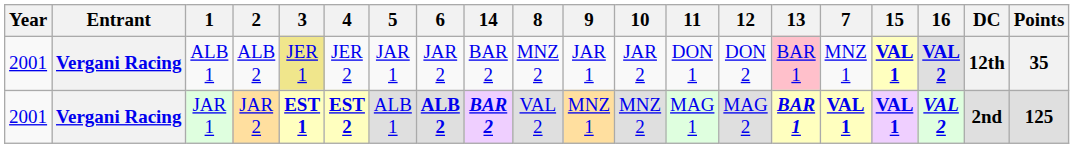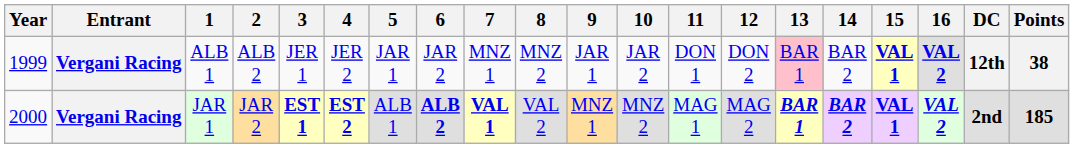 <table class="wikitable" style="text-align:center; font-size:90%">
 <tr>
 <th>Year</th>
 <th>Entrant</th>
 <th>1</th>
 <th>2</th>
 <th>3</th>
 <th>4</th>
 <th>5</th>
 <th>6</th>
-<th>14</th>
+<th>7</th>
 <th>8</th>
 <th>9</th>
 <th>10</th>
 <th>11</th>
 <th>12</th>
 <th>13</th>
-<th>7</th>
+<th>14</th>
 <th>15</th>
 <th>16</th>
 <th>DC</th>
 <th>Points</th>
 </tr>
 <tr>
-<td><a href='#'>2001</a></td>
+<td><a href='#'>1999</a></td>
 <th><a href='#'>Vergani Racing</a></th>
 <td><a href='#'>ALB<br>1</a></td>
 <td><a href='#'>ALB<br>2</a></td>
-<td style="background: khaki;"><a href='#'>JER<br>1</a></td>
+<td><a href='#'>JER<br>1</a></td>
 <td><a href='#'>JER<br>2</a></td>
 <td><a href='#'>JAR<br>1</a></td>
 <td><a href='#'>JAR<br>2</a></td>
-<td><a href='#'>BAR<br>2</a></td>
+<td><a href='#'>MNZ<br>1</a></td>
 <td><a href='#'>MNZ<br>2</a></td>
 <td><a href='#'>JAR<br>1</a></td>
 <td><a href='#'>JAR<br>2</a></td>
 <td><a href='#'>DON<br>1</a></td>
 <td><a href='#'>DON<br>2</a></td>
 <td style="background: pink;"><a href='#'>BAR<br>1</a></td>
-<td><a href='#'>MNZ<br>1</a></td>
+<td><a href='#'>BAR<br>2</a></td>
 <td style="background:#FFFFBF;"><strong><a href='#'>VAL<br>1</a></strong><br></td>
 <td style="background:#DFDFDF;"><strong><a href='#'>VAL<br>2</a></strong><br></td>
 <th>12th</th>
-<th>35</th>
+<th>38</th>
 </tr>
 <tr>
-<td><a href='#'>2001</a></td>
+<td><a href='#'>2000</a></td>
 <th><a href='#'>Vergani Racing</a></th>
 <td style="background:#DFFFDF;"><a href='#'>JAR<br>1</a><br></td>
 <td style="background:#FFDF9F;"><a href='#'>JAR<br>2</a><br></td>
 <td style="background:#FFFFBF;"><strong><a href='#'>EST<br>1</a></strong><br></td>
 <td style="background:#FFFFBF;"><strong><a href='#'>EST<br>2</a></strong><br></td>
 <td style="background:#DFDFDF;"><a href='#'>ALB<br>1</a><br></td>
 <td style="background:#DFDFDF;"><strong><a href='#'>ALB<br>2</a></strong><br></td>
-<td style="background:#EFCFFF;"><strong><em><a href='#'>BAR<br>2</a></em></strong><br></td>
+<td style="background:#FFFFBF;"><strong><a href='#'>VAL<br>1</a></strong><br></td>
 <td style="background:#DFDFDF;"><a href='#'>VAL<br>2</a><br></td>
 <td style="background:#FFDF9F;"><a href='#'>MNZ<br>1</a><br></td>
 <td style="background:#DFDFDF;"><a href='#'>MNZ<br>2</a><br></td>
 <td style="background:#DFFFDF;"><a href='#'>MAG<br>1</a><br></td>
 <td style="background:#DFDFDF;"><a href='#'>MAG<br>2</a><br></td>
 <td style="background:#FFFFBF;"><strong><em><a href='#'>BAR<br>1</a></em></strong><br></td>
-<td style="background:#FFFFBF;"><strong><a href='#'>VAL<br>1</a></strong><br></td>
+<td style="background:#EFCFFF;"><strong><em><a href='#'>BAR<br>2</a></em></strong><br></td>
 <td style="background:#EFCFFF;"><strong><a href='#'>VAL<br>1</a></strong><br></td>
 <td style="background:#DFFFDF;"><strong><em><a href='#'>VAL<br>2</a></em></strong><br></td>
 <td style="background:#DFDFDF;"><strong>2nd</strong></td>
-<td style="background:#DFDFDF;"><strong>125</strong></td>
+<td style="background:#DFDFDF;"><strong>185</strong></td>
 </tr>
 </table>
